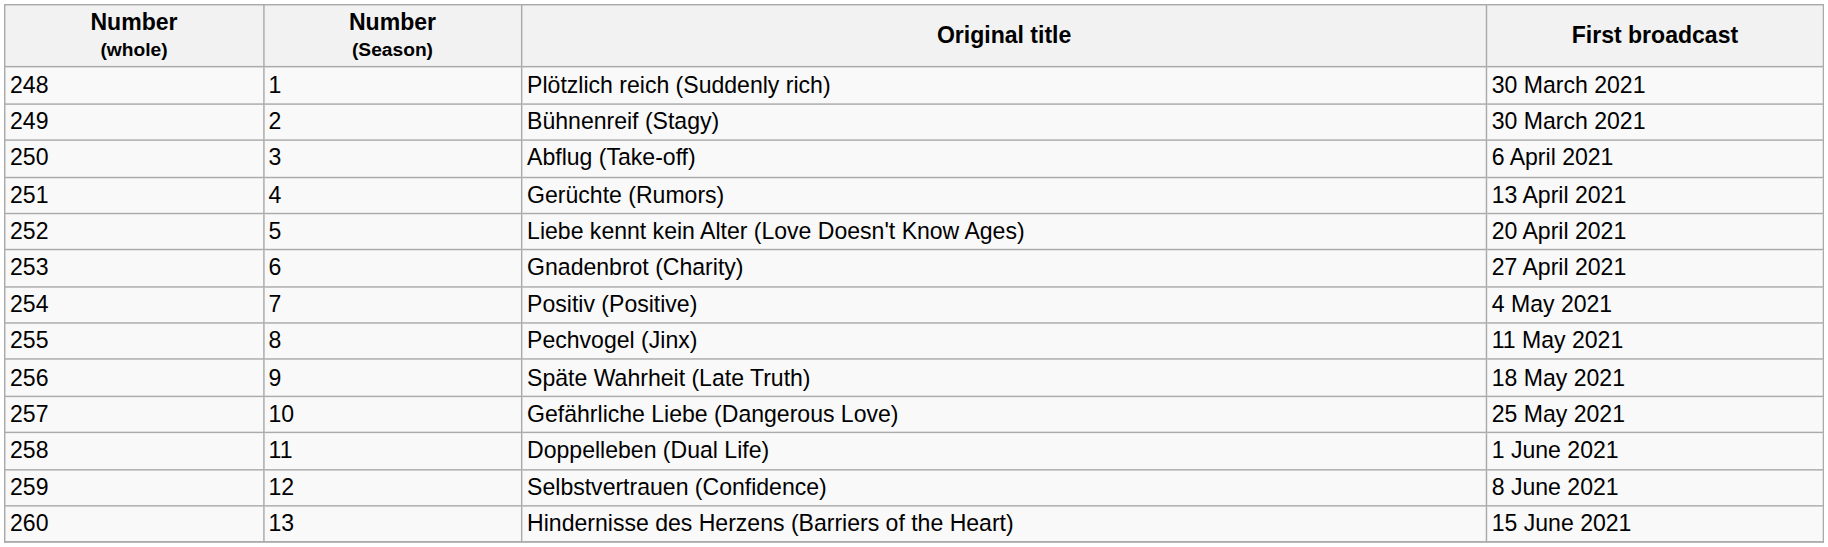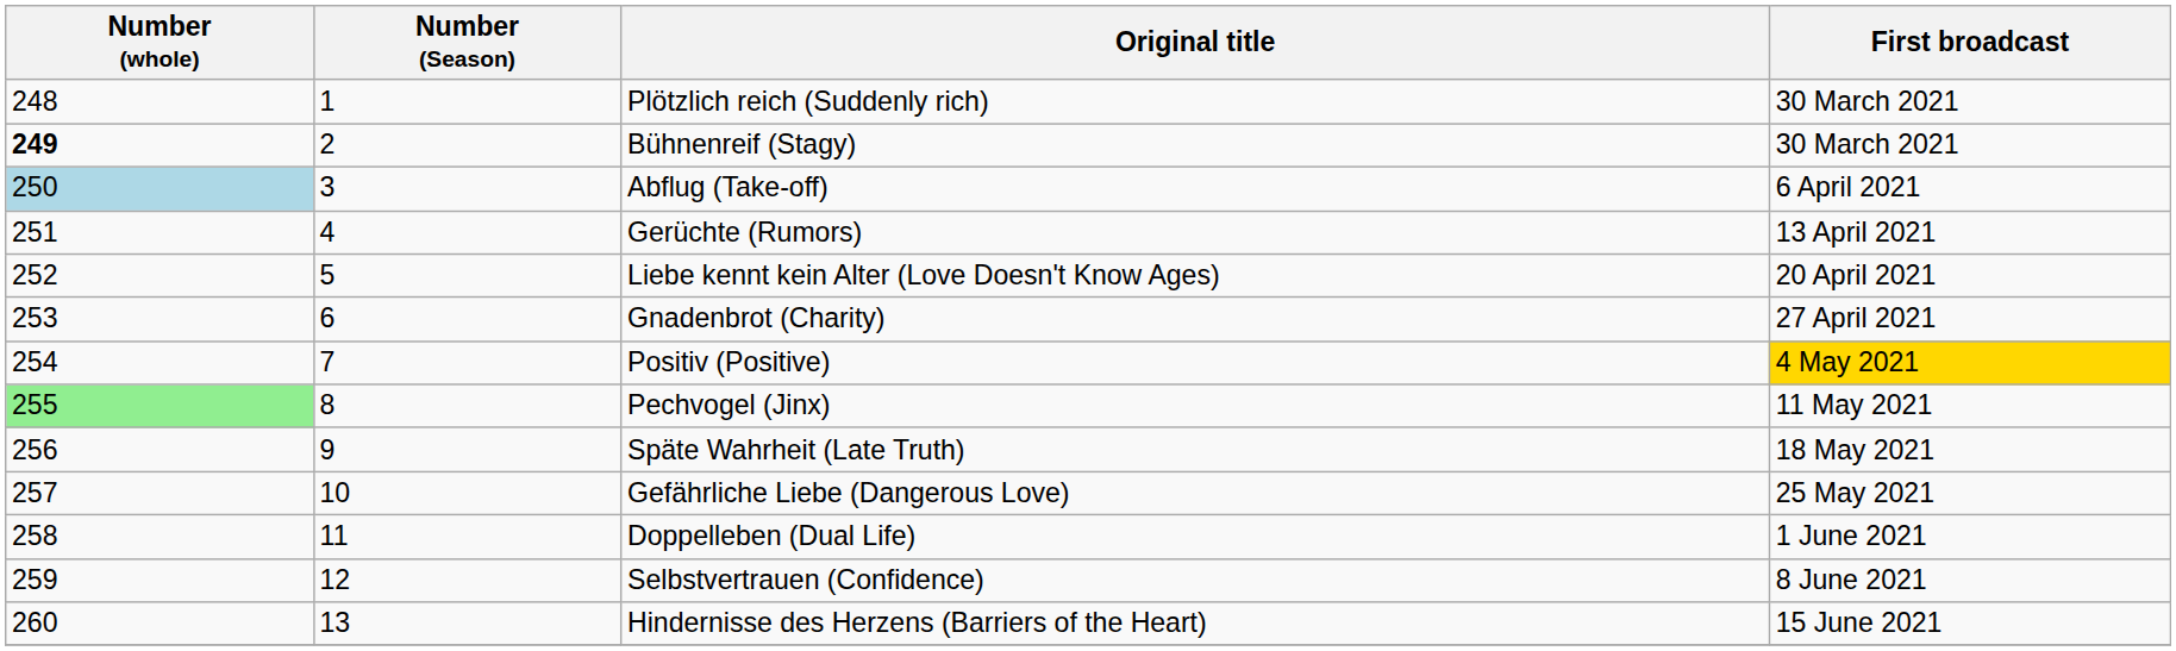 <table class="wikitable" width="100%">
 <tr>
 <th width="75"><strong>Number</strong><br> <small> (whole) </small></th>
 <th width="75"><strong>Number</strong><br> <small> (Season) </small></th>
 <th width="300">Original title</th>
 <th width="100">First broadcast</th>
 </tr>
 <tr>
 <td>248</td>
 <td>1</td>
 <td>Plötzlich reich (Suddenly rich)</td>
 <td>30 March 2021</td>
 </tr>
 <tr>
-<td>249</td>
+<td><strong>249</strong></td>
 <td>2</td>
 <td>Bühnenreif (Stagy)</td>
 <td>30 March 2021</td>
 </tr>
 <tr>
-<td>250</td>
+<td style="background: lightblue;">250</td>
 <td>3</td>
 <td>Abflug (Take-off)</td>
 <td>6 April 2021</td>
 </tr>
 <tr>
 <td>251</td>
 <td>4</td>
 <td>Gerüchte (Rumors)</td>
 <td>13 April 2021</td>
 </tr>
 <tr>
 <td>252</td>
 <td>5</td>
 <td>Liebe kennt kein Alter (Love Doesn't Know Ages)</td>
 <td>20 April 2021</td>
 </tr>
 <tr>
 <td>253</td>
 <td>6</td>
 <td>Gnadenbrot (Charity)</td>
 <td>27 April 2021</td>
 </tr>
 <tr>
 <td>254</td>
 <td>7</td>
 <td>Positiv (Positive)</td>
-<td>4 May 2021</td>
+<td style="background: gold;">4 May 2021</td>
 </tr>
 <tr>
-<td>255</td>
+<td style="background: lightgreen;">255</td>
 <td>8</td>
 <td>Pechvogel (Jinx)</td>
 <td>11 May 2021</td>
 </tr>
 <tr>
 <td>256</td>
 <td>9</td>
 <td>Späte Wahrheit (Late Truth)</td>
 <td>18 May 2021</td>
 </tr>
 <tr>
 <td>257</td>
 <td>10</td>
 <td>Gefährliche Liebe (Dangerous Love)</td>
 <td>25 May 2021</td>
 </tr>
 <tr>
 <td>258</td>
 <td>11</td>
 <td>Doppelleben (Dual Life)</td>
 <td>1 June 2021</td>
 </tr>
 <tr>
 <td>259</td>
 <td>12</td>
 <td>Selbstvertrauen (Confidence)</td>
 <td>8 June 2021</td>
 </tr>
 <tr>
 <td>260</td>
 <td>13</td>
 <td>Hindernisse des Herzens (Barriers of the Heart)</td>
 <td>15 June 2021</td>
 </tr>
 <tr>
 </tr>
 </table>
